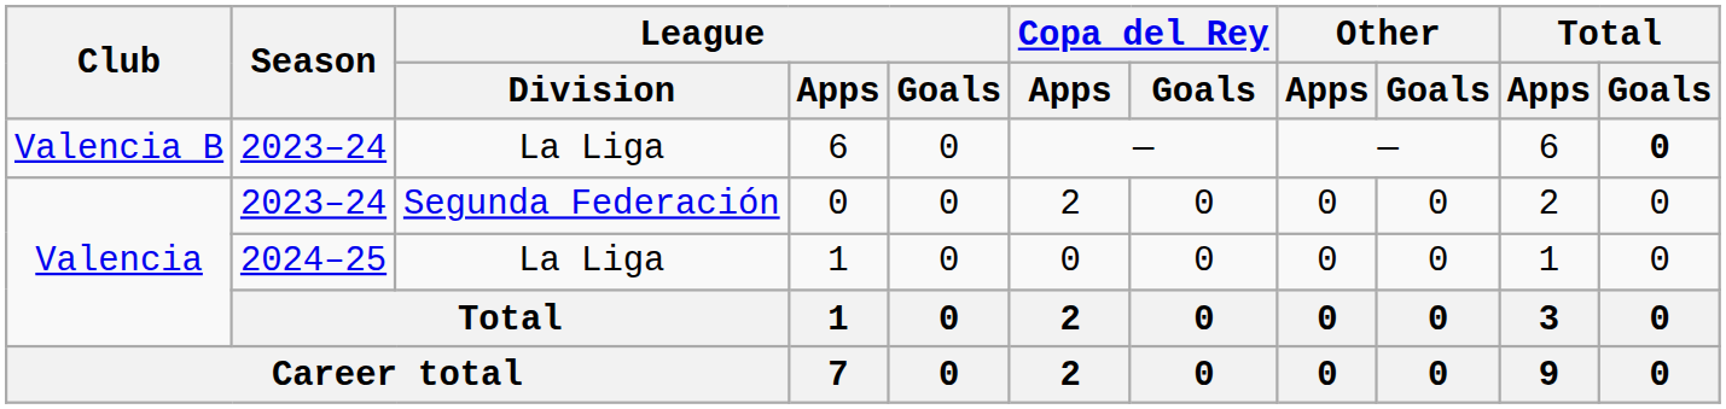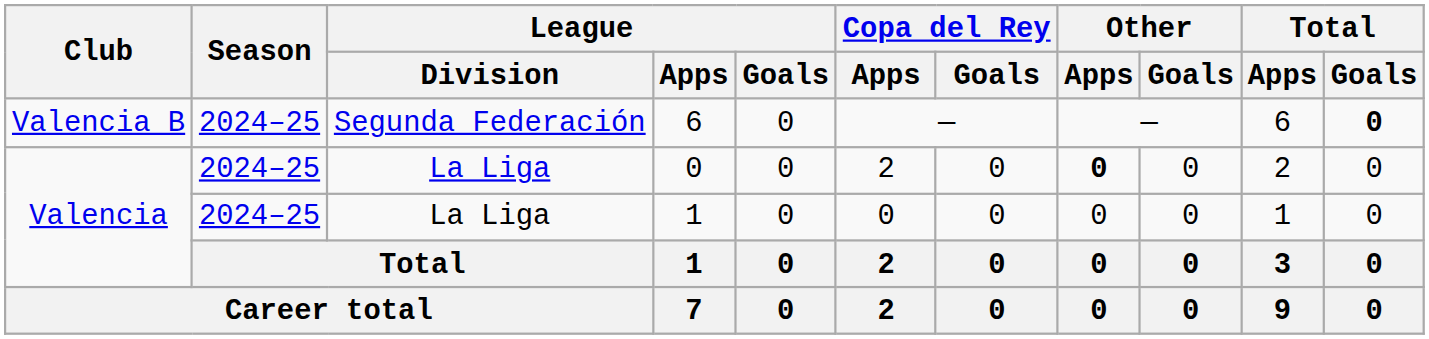 <table class=wikitable style=text-align:center>
 <tr>
 <th rowspan="2">Club</th>
 <th rowspan="2">Season</th>
 <th colspan="3">League</th>
 <th colspan="2"><a href='#'>Copa del Rey</a></th>
 <th colspan="2">Other</th>
 <th colspan="2">Total</th>
 </tr>
 <tr>
 <th>Division</th>
 <th>Apps</th>
 <th>Goals</th>
 <th>Apps</th>
 <th>Goals</th>
 <th>Apps</th>
 <th>Goals</th>
 <th>Apps</th>
 <th>Goals</th>
 </tr>
 <tr>
 <td><a href='#'>Valencia B</a></td>
-<td><a href='#'>2023–24</a></td>
-<td>La Liga</td>
+<td><a href='#'>2024–25</a></td>
+<td><a href='#'>Segunda Federación</a></td>
 <td>6</td>
 <td>0</td>
 <td colspan="2">—</td>
 <td colspan="2">—</td>
 <td>6</td>
 <td><strong>0</strong></td>
 </tr>
 <tr>
 <td rowspan=3><a href='#'>Valencia</a></td>
-<td><a href='#'>2023–24</a></td>
-<td><a href='#'>Segunda Federación</a></td>
+<td><a href='#'>2024–25</a></td>
+<td><a href='#'>La Liga</a></td>
 <td>0</td>
 <td>0</td>
 <td>2</td>
 <td>0</td>
-<td>0</td>
+<td><strong>0</strong></td>
 <td>0</td>
 <td>2</td>
 <td>0</td>
 </tr>
 <tr>
 <td><a href='#'>2024–25</a></td>
 <td>La Liga</td>
 <td>1</td>
 <td>0</td>
 <td>0</td>
 <td>0</td>
 <td>0</td>
 <td>0</td>
 <td>1</td>
 <td>0</td>
 </tr>
 <tr>
 <th colspan="2">Total</th>
 <th>1</th>
 <th>0</th>
 <th>2</th>
 <th>0</th>
 <th>0</th>
 <th>0</th>
 <th>3</th>
 <th>0</th>
 </tr>
 <tr>
 <th colspan="3">Career total</th>
 <th>7</th>
 <th>0</th>
 <th>2</th>
 <th>0</th>
 <th>0</th>
 <th>0</th>
 <th>9</th>
 <th>0</th>
 </tr>
 </table>
